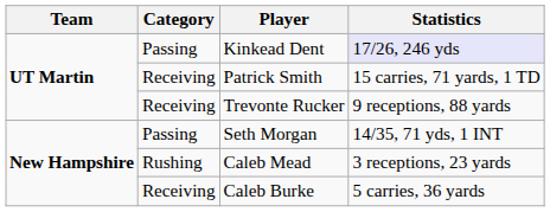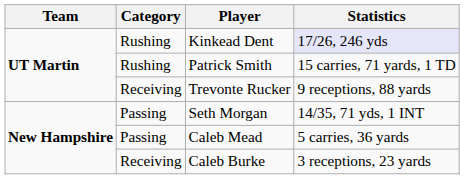 <table class="wikitable" style="float: right;">
 <tr>
 <th>Team</th>
 <th>Category</th>
 <th>Player</th>
 <th>Statistics</th>
 </tr>
 <tr>
 <td rowspan=3><strong>UT Martin</strong></td>
-<td>Passing</td>
+<td>Rushing</td>
 <td>Kinkead Dent</td>
 <td style="background: lavender;">17/26, 246 yds</td>
 </tr>
 <tr>
-<td>Receiving</td>
+<td>Rushing</td>
 <td>Patrick Smith</td>
 <td>15 carries, 71 yards, 1 TD</td>
 </tr>
 <tr>
 <td>Receiving</td>
 <td>Trevonte Rucker</td>
 <td>9 receptions, 88 yards</td>
 </tr>
 <tr>
 <td rowspan=3><strong>New Hampshire</strong></td>
 <td>Passing</td>
 <td>Seth Morgan</td>
 <td>14/35, 71 yds, 1 INT</td>
 </tr>
 <tr>
-<td>Rushing</td>
+<td>Passing</td>
 <td>Caleb Mead</td>
-<td>3 receptions, 23 yards</td>
+<td>5 carries, 36 yards</td>
 </tr>
 <tr>
 <td>Receiving</td>
 <td>Caleb Burke</td>
-<td>5 carries, 36 yards</td>
+<td>3 receptions, 23 yards</td>
 </tr>
 </table>
